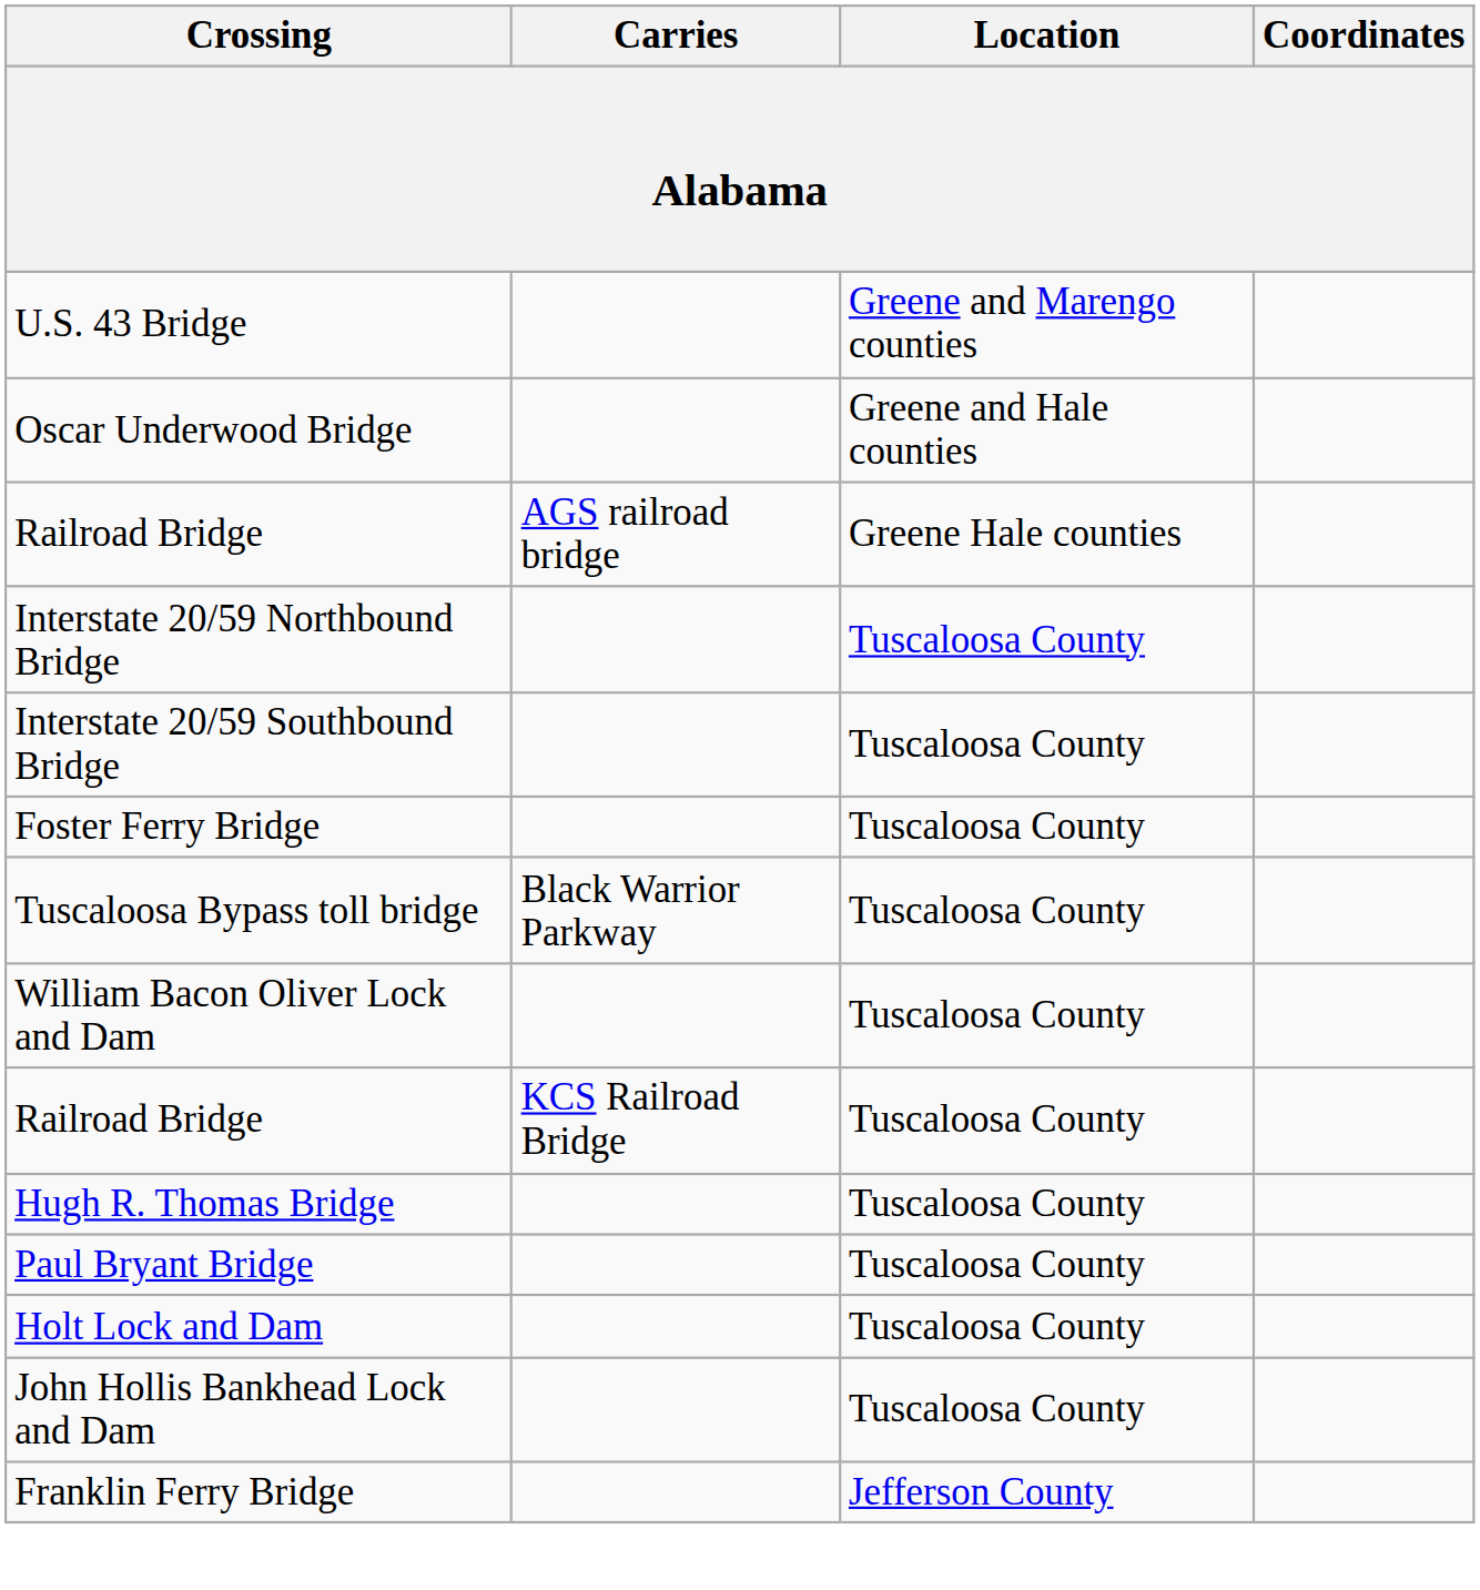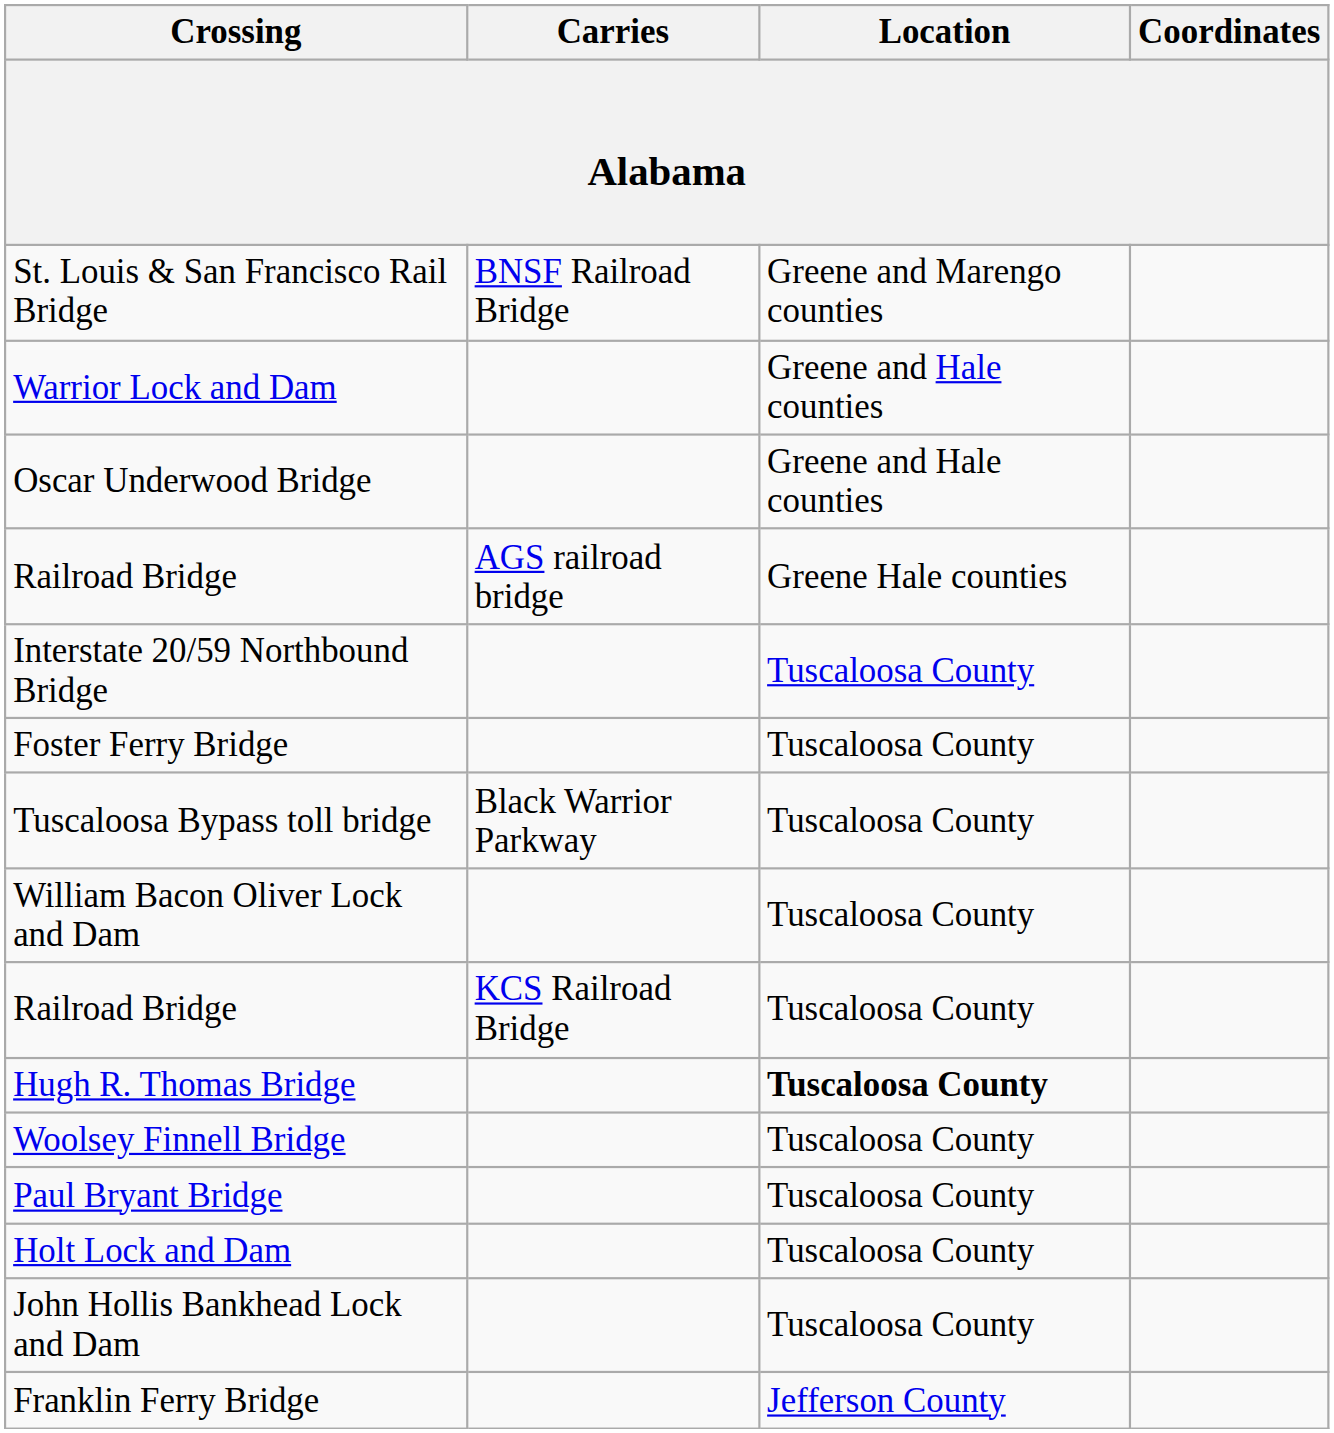 <table class=wikitable>
 <tr>
 <th>Crossing</th>
 <th>Carries</th>
 <th>Location</th>
 <th>Coordinates</th>
 </tr>
 <tr>
 <th colspan=4><br><h3>Alabama</h3></th>
 </tr>
 <tr>
-<td>U.S. 43 Bridge</td>
+<td>St. Louis & San Francisco Rail Bridge</td>
+<td><a href='#'>BNSF</a> Railroad Bridge</td>
+<td>Greene and Marengo counties</td>
 <td></td>
-<td><a href='#'>Greene</a> and <a href='#'>Marengo</a> counties</td>
+</tr>
+<tr>
+<td><a href='#'>Warrior Lock and Dam</a></td>
+<td></td>
+<td>Greene and <a href='#'>Hale</a> counties</td>
 <td></td>
 </tr>
 <tr>
 <td>Oscar Underwood Bridge</td>
 <td></td>
 <td>Greene and Hale counties</td>
 <td></td>
 </tr>
 <tr>
 <td>Railroad Bridge</td>
 <td><a href='#'>AGS</a> railroad bridge</td>
 <td>Greene Hale counties</td>
 <td></td>
 </tr>
 <tr>
 <td>Interstate 20/59 Northbound Bridge</td>
 <td></td>
 <td><a href='#'>Tuscaloosa County</a></td>
-<td></td>
-</tr>
-<tr>
-<td>Interstate 20/59 Southbound Bridge</td>
-<td></td>
-<td>Tuscaloosa County</td>
 <td></td>
 </tr>
 <tr>
 <td>Foster Ferry Bridge</td>
 <td></td>
 <td>Tuscaloosa County</td>
 <td></td>
 </tr>
 <tr>
 <td>Tuscaloosa Bypass toll bridge</td>
 <td>Black Warrior Parkway</td>
 <td>Tuscaloosa County</td>
 <td></td>
 </tr>
 <tr>
 <td>William Bacon Oliver Lock and Dam</td>
 <td></td>
 <td>Tuscaloosa County</td>
 <td></td>
 </tr>
 <tr>
 <td>Railroad Bridge</td>
 <td><a href='#'>KCS</a> Railroad Bridge</td>
 <td>Tuscaloosa County</td>
 <td></td>
 </tr>
 <tr>
 <td><a href='#'>Hugh R. Thomas Bridge</a></td>
 <td></td>
+<td><strong>Tuscaloosa County</strong></td>
+<td></td>
+</tr>
+<tr>
+<td><a href='#'>Woolsey Finnell Bridge</a></td>
+<td></td>
 <td>Tuscaloosa County</td>
 <td></td>
 </tr>
 <tr>
 <td><a href='#'>Paul Bryant Bridge</a></td>
 <td></td>
 <td>Tuscaloosa County</td>
 <td></td>
 </tr>
 <tr>
 <td><a href='#'>Holt Lock and Dam</a></td>
 <td></td>
 <td>Tuscaloosa County</td>
 <td></td>
 </tr>
 <tr>
 <td>John Hollis Bankhead Lock and Dam</td>
 <td></td>
 <td>Tuscaloosa County</td>
 <td></td>
 </tr>
 <tr>
 <td>Franklin Ferry Bridge</td>
 <td></td>
 <td><a href='#'>Jefferson County</a></td>
 <td></td>
 </tr>
 </table>
